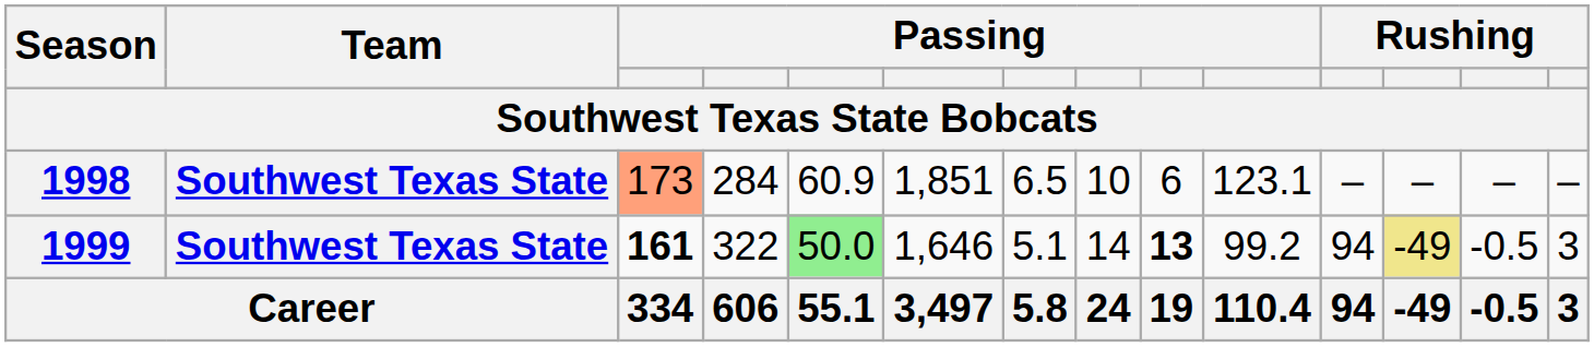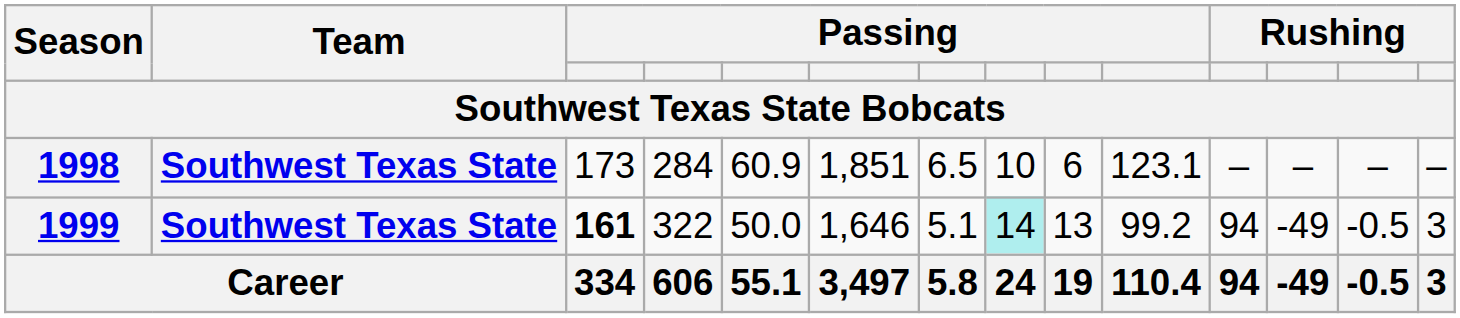 <table class="wikitable sortable" style="text-align:center;">
 <tr>
 <th rowspan="2">Season</th>
 <th rowspan="2">Team</th>
 <th colspan="8">Passing</th>
 <th colspan="4">Rushing</th>
 </tr>
 <tr>
 <th></th>
 <th></th>
 <th></th>
 <th></th>
 <th></th>
 <th></th>
 <th></th>
 <th></th>
 <th></th>
 <th></th>
 <th></th>
 <th></th>
 </tr>
 <tr>
 <th colspan="16">Southwest Texas State Bobcats</th>
 </tr>
 <tr>
 <th><a href='#'>1998</a></th>
 <th><a href='#'>Southwest Texas State</a></th>
-<td style="background: lightsalmon;">173</td>
+<td>173</td>
 <td>284</td>
 <td>60.9</td>
 <td>1,851</td>
 <td>6.5</td>
 <td>10</td>
 <td>6</td>
 <td>123.1</td>
 <td>–</td>
 <td>–</td>
 <td>–</td>
 <td>–</td>
 </tr>
 <tr>
 <th><a href='#'>1999</a></th>
 <th><a href='#'>Southwest Texas State</a></th>
 <td><strong>161</strong></td>
 <td>322</td>
-<td style="background: lightgreen;">50.0</td>
+<td>50.0</td>
 <td>1,646</td>
 <td>5.1</td>
-<td>14</td>
-<td><strong>13</strong></td>
+<td style="background: paleturquoise;">14</td>
+<td>13</td>
 <td>99.2</td>
 <td>94</td>
-<td style="background: khaki;">-49</td>
+<td>-49</td>
 <td>-0.5</td>
 <td>3</td>
 </tr>
 <tr>
 <th colspan="2">Career</th>
 <th>334</th>
 <th>606</th>
 <th>55.1</th>
 <th>3,497</th>
 <th>5.8</th>
 <th>24</th>
 <th>19</th>
 <th>110.4</th>
 <th>94</th>
 <th>-49</th>
 <th>-0.5</th>
 <th>3</th>
 </tr>
 </table>
